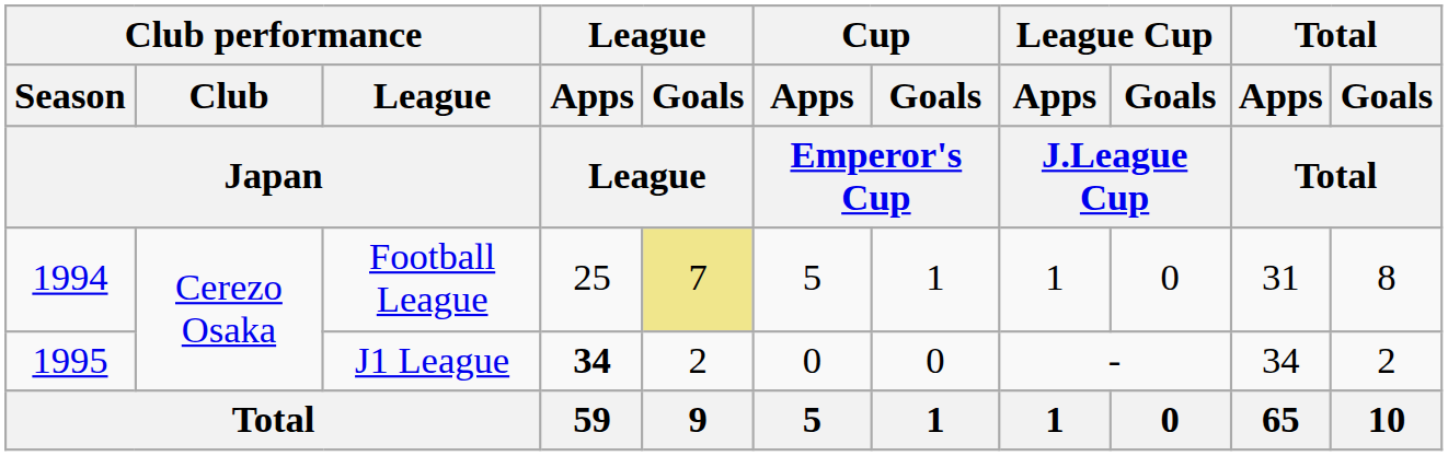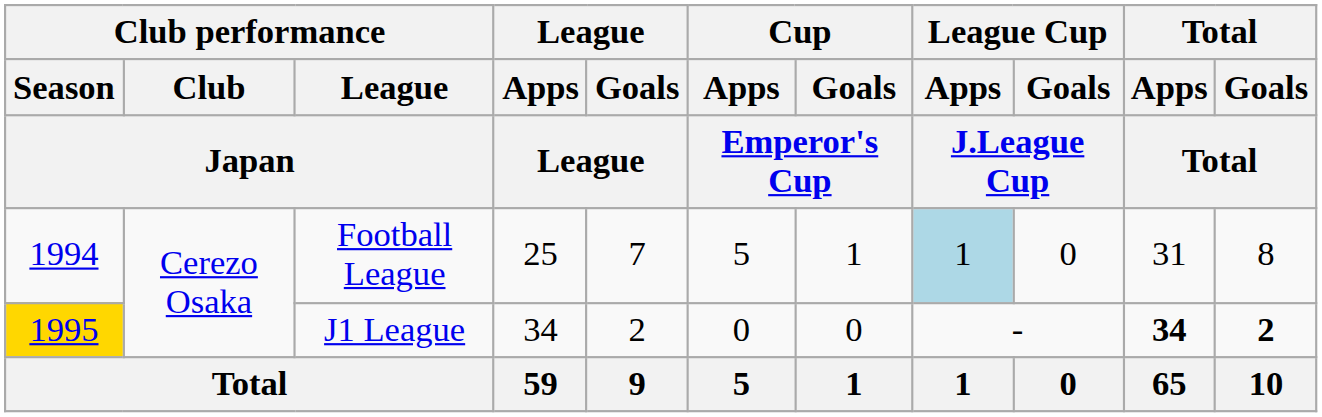 <table class="wikitable" style="text-align:center;">
 <tr>
 <th colspan=3>Club performance</th>
 <th colspan=2>League</th>
 <th colspan=2>Cup</th>
 <th colspan=2>League Cup</th>
 <th colspan=2>Total</th>
 </tr>
 <tr>
 <th>Season</th>
 <th>Club</th>
 <th>League</th>
 <th>Apps</th>
 <th>Goals</th>
 <th>Apps</th>
 <th>Goals</th>
 <th>Apps</th>
 <th>Goals</th>
 <th>Apps</th>
 <th>Goals</th>
 </tr>
 <tr>
 <th colspan=3>Japan</th>
 <th colspan=2>League</th>
 <th colspan=2><a href='#'>Emperor's Cup</a></th>
 <th colspan=2><a href='#'>J.League Cup</a></th>
 <th colspan=2>Total</th>
 </tr>
 <tr>
 <td><a href='#'>1994</a></td>
 <td rowspan="2"><a href='#'>Cerezo Osaka</a></td>
 <td><a href='#'>Football League</a></td>
 <td>25</td>
-<td style="background: khaki;">7</td>
+<td>7</td>
 <td>5</td>
 <td>1</td>
-<td>1</td>
+<td style="background: lightblue;">1</td>
 <td>0</td>
 <td>31</td>
 <td>8</td>
 </tr>
 <tr>
-<td><a href='#'>1995</a></td>
+<td style="background: gold;"><a href='#'>1995</a></td>
 <td><a href='#'>J1 League</a></td>
-<td><strong>34</strong></td>
+<td>34</td>
 <td>2</td>
 <td>0</td>
 <td>0</td>
 <td colspan="2">-</td>
-<td>34</td>
-<td>2</td>
+<td><strong>34</strong></td>
+<td><strong>2</strong></td>
 </tr>
 <tr>
 <th colspan=3>Total</th>
 <th>59</th>
 <th>9</th>
 <th>5</th>
 <th>1</th>
 <th>1</th>
 <th>0</th>
 <th>65</th>
 <th>10</th>
 </tr>
 </table>
